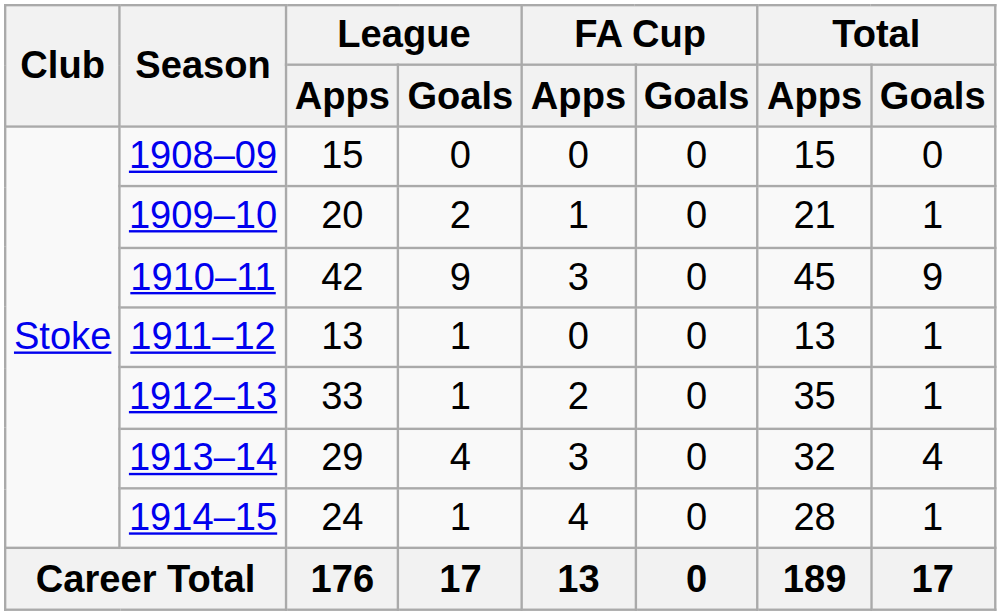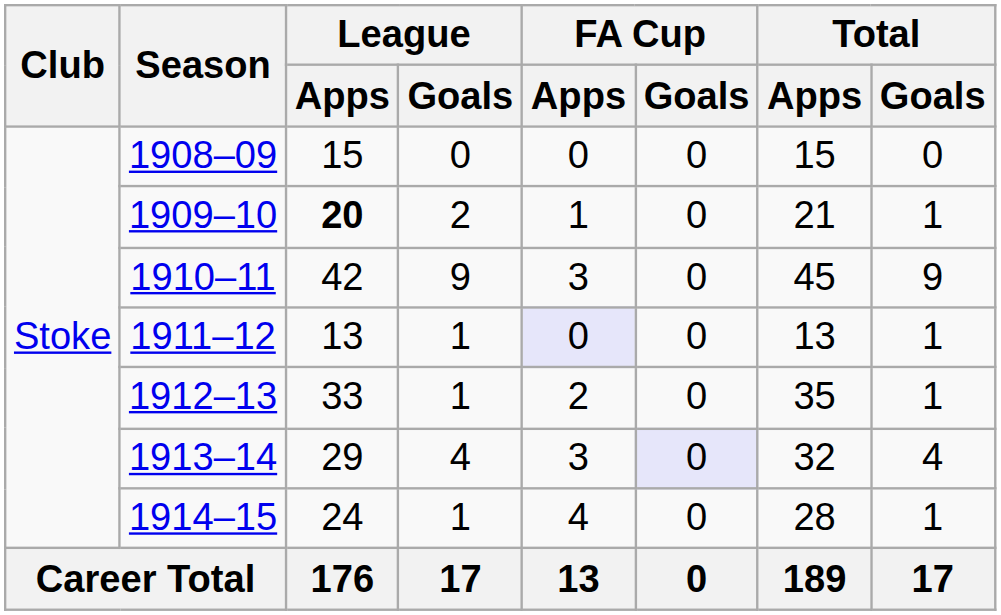 <table class="wikitable" style="text-align: center;">
 <tr>
 <th rowspan="2">Club</th>
 <th rowspan="2">Season</th>
 <th colspan="2">League</th>
 <th colspan="2">FA Cup</th>
 <th colspan="2">Total</th>
 </tr>
 <tr>
 <th>Apps</th>
 <th>Goals</th>
 <th>Apps</th>
 <th>Goals</th>
 <th>Apps</th>
 <th>Goals</th>
 </tr>
 <tr>
 <td rowspan="7"><a href='#'>Stoke</a></td>
 <td><a href='#'>1908–09</a></td>
 <td>15</td>
 <td>0</td>
 <td>0</td>
 <td>0</td>
 <td>15</td>
 <td>0</td>
 </tr>
 <tr>
 <td><a href='#'>1909–10</a></td>
-<td>20</td>
+<td><strong>20</strong></td>
 <td>2</td>
 <td>1</td>
 <td>0</td>
 <td>21</td>
 <td>1</td>
 </tr>
 <tr>
 <td><a href='#'>1910–11</a></td>
 <td>42</td>
 <td>9</td>
 <td>3</td>
 <td>0</td>
 <td>45</td>
 <td>9</td>
 </tr>
 <tr>
 <td><a href='#'>1911–12</a></td>
 <td>13</td>
 <td>1</td>
-<td>0</td>
+<td style="background: lavender;">0</td>
 <td>0</td>
 <td>13</td>
 <td>1</td>
 </tr>
 <tr>
 <td><a href='#'>1912–13</a></td>
 <td>33</td>
 <td>1</td>
 <td>2</td>
 <td>0</td>
 <td>35</td>
 <td>1</td>
 </tr>
 <tr>
 <td><a href='#'>1913–14</a></td>
 <td>29</td>
 <td>4</td>
 <td>3</td>
-<td>0</td>
+<td style="background: lavender;">0</td>
 <td>32</td>
 <td>4</td>
 </tr>
 <tr>
 <td><a href='#'>1914–15</a></td>
 <td>24</td>
 <td>1</td>
 <td>4</td>
 <td>0</td>
 <td>28</td>
 <td>1</td>
 </tr>
 <tr>
 <th colspan="2">Career Total</th>
 <th>176</th>
 <th>17</th>
 <th>13</th>
 <th>0</th>
 <th>189</th>
 <th>17</th>
 </tr>
 </table>
